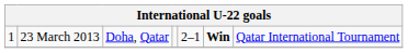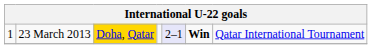 <table class="wikitable collapsible collapsed" style="font-size:90%">
 <tr>
 <th colspan="8"><strong>International U-22 goals</strong></th>
 </tr>
 <tr>
 <td>1</td>
 <td>23 March 2013</td>
-<td><a href='#'>Doha</a>, <a href='#'>Qatar</a></td>
+<td style="background: gold;"><a href='#'>Doha</a>, <a href='#'>Qatar</a></td>
 <td></td>
-<td>2–1</td>
+<td style="background: lavender;">2–1</td>
 <td><strong>Win</strong></td>
 <td><a href='#'>Qatar International Tournament</a></td>
 </tr>
 <tr>
 </tr>
 </table>
